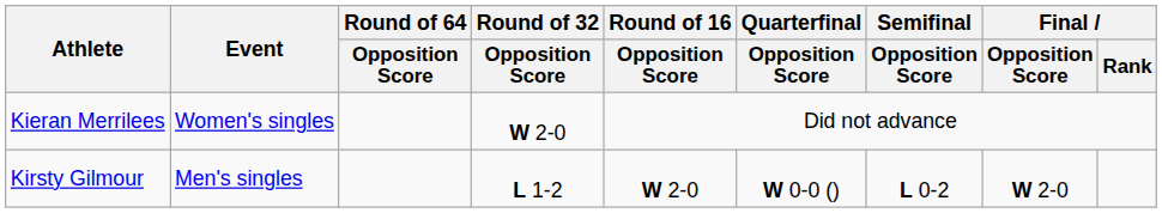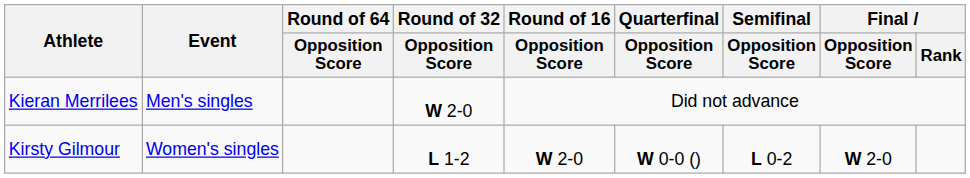 <table class=wikitable style="font-size:90%">
 <tr>
 <th rowspan=2>Athlete</th>
 <th rowspan=2>Event</th>
 <th>Round of 64</th>
 <th>Round of 32</th>
 <th>Round of 16</th>
 <th>Quarterfinal</th>
 <th>Semifinal</th>
 <th colspan=2>Final / </th>
 </tr>
 <tr style="font-size:95%">
 <th>Opposition<br>Score</th>
 <th>Opposition<br>Score</th>
 <th>Opposition<br>Score</th>
 <th>Opposition<br>Score</th>
 <th>Opposition<br>Score</th>
 <th>Opposition<br>Score</th>
 <th>Rank</th>
 </tr>
 <tr align=center>
 <td align=left><a href='#'>Kieran Merrilees</a></td>
-<td align=left><a href='#'>Women's singles</a></td>
+<td align=left><a href='#'>Men's singles</a></td>
 <td></td>
 <td><br><strong>W</strong> 2-0</td>
 <td colspan=5>Did not advance</td>
 </tr>
 <tr align=center>
 <td align=left><a href='#'>Kirsty Gilmour</a></td>
-<td align=left><a href='#'>Men's singles</a></td>
+<td align=left><a href='#'>Women's singles</a></td>
 <td></td>
 <td><br><strong>L</strong> 1-2</td>
 <td><br><strong>W</strong> 2-0</td>
 <td><br><strong>W</strong> 0-0 ()</td>
 <td><br><strong>L</strong> 0-2</td>
 <td><br><strong>W</strong> 2-0</td>
 <td></td>
 </tr>
 </table>
